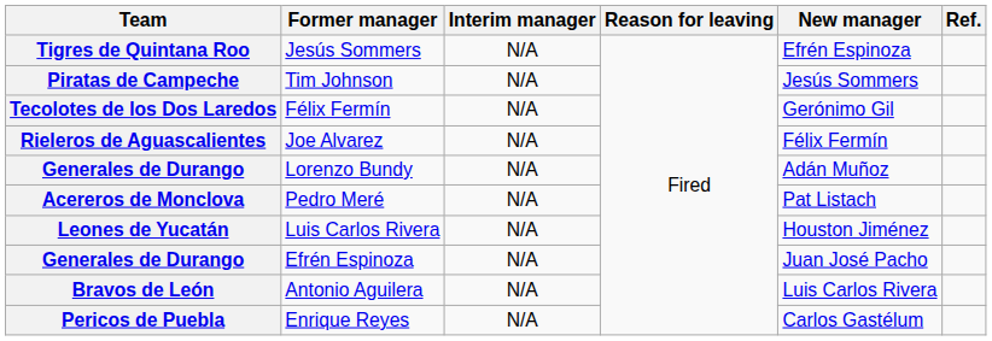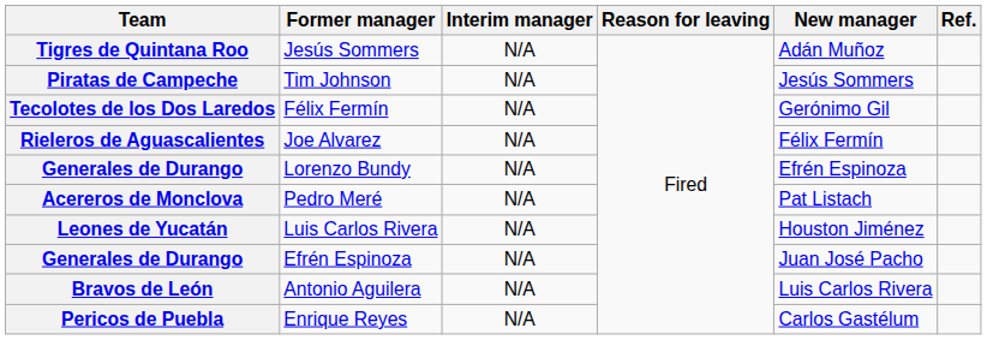 <table class="wikitable plainrowheaders" style="text-align:center;">
 <tr>
 <th scope="col">Team</th>
 <th scope="col">Former manager</th>
 <th scope="col">Interim manager</th>
 <th scope="col">Reason for leaving</th>
 <th scope="col">New manager</th>
 <th scope="col">Ref.</th>
 </tr>
 <tr>
 <th scope="row"><a href='#'>Tigres de Quintana Roo</a></th>
 <td align=left> <a href='#'>Jesús Sommers</a></td>
 <td>N/A</td>
 <td rowspan=10 style="text-align:center;">Fired</td>
-<td align=left> <a href='#'>Efrén Espinoza</a></td>
+<td align=left> <a href='#'>Adán Muñoz</a></td>
 <td></td>
 </tr>
 <tr>
 <th scope="row"><a href='#'>Piratas de Campeche</a></th>
 <td align=left> <a href='#'>Tim Johnson</a></td>
 <td>N/A</td>
 <td align=left> <a href='#'>Jesús Sommers</a></td>
 <td></td>
 </tr>
 <tr>
 <th scope="row"><a href='#'>Tecolotes de los Dos Laredos</a></th>
 <td align=left> <a href='#'>Félix Fermín</a></td>
 <td>N/A</td>
 <td align=left> <a href='#'>Gerónimo Gil</a></td>
 <td></td>
 </tr>
 <tr>
 <th scope="row"><a href='#'>Rieleros de Aguascalientes</a></th>
 <td align=left> <a href='#'>Joe Alvarez</a></td>
 <td>N/A</td>
 <td align=left> <a href='#'>Félix Fermín</a></td>
 <td></td>
 </tr>
 <tr>
 <th scope="row"><a href='#'>Generales de Durango</a></th>
 <td align=left> <a href='#'>Lorenzo Bundy</a></td>
 <td>N/A</td>
-<td align=left> <a href='#'>Adán Muñoz</a></td>
+<td align=left> <a href='#'>Efrén Espinoza</a></td>
 <td></td>
 </tr>
 <tr>
 <th scope="row"><a href='#'>Acereros de Monclova</a></th>
 <td align=left> <a href='#'>Pedro Meré</a></td>
 <td>N/A</td>
 <td align=left> <a href='#'>Pat Listach</a></td>
 <td></td>
 </tr>
 <tr>
 <th scope="row"><a href='#'>Leones de Yucatán</a></th>
 <td align=left> <a href='#'>Luis Carlos Rivera</a></td>
 <td>N/A</td>
 <td align=left> <a href='#'>Houston Jiménez</a></td>
 <td></td>
 </tr>
 <tr>
 <th scope="row"><a href='#'>Generales de Durango</a></th>
 <td align=left> <a href='#'>Efrén Espinoza</a></td>
 <td>N/A</td>
 <td align=left> <a href='#'>Juan José Pacho</a></td>
 <td></td>
 </tr>
 <tr>
 <th scope="row"><a href='#'>Bravos de León</a></th>
 <td align=left> <a href='#'>Antonio Aguilera</a></td>
 <td>N/A</td>
 <td align=left> <a href='#'>Luis Carlos Rivera</a></td>
 <td></td>
 </tr>
 <tr>
 <th scope="row"><a href='#'>Pericos de Puebla</a></th>
 <td align=left> <a href='#'>Enrique Reyes</a></td>
 <td>N/A</td>
 <td align=left> <a href='#'>Carlos Gastélum</a></td>
 <td></td>
 </tr>
 </table>
